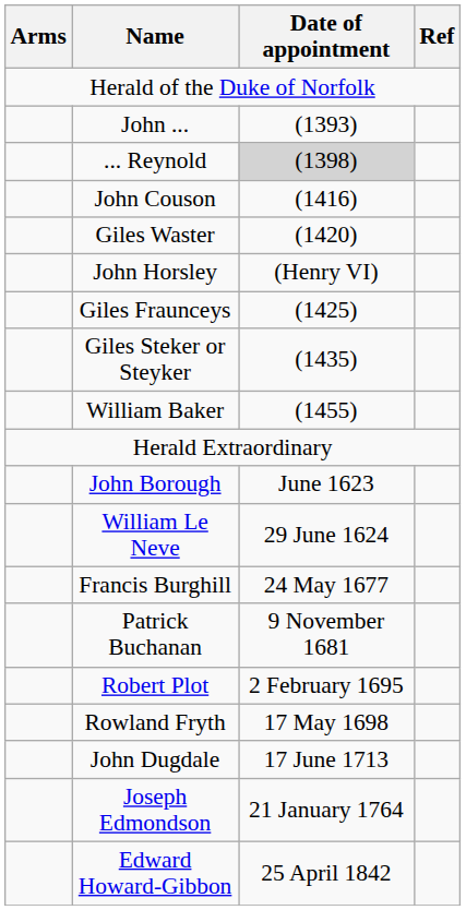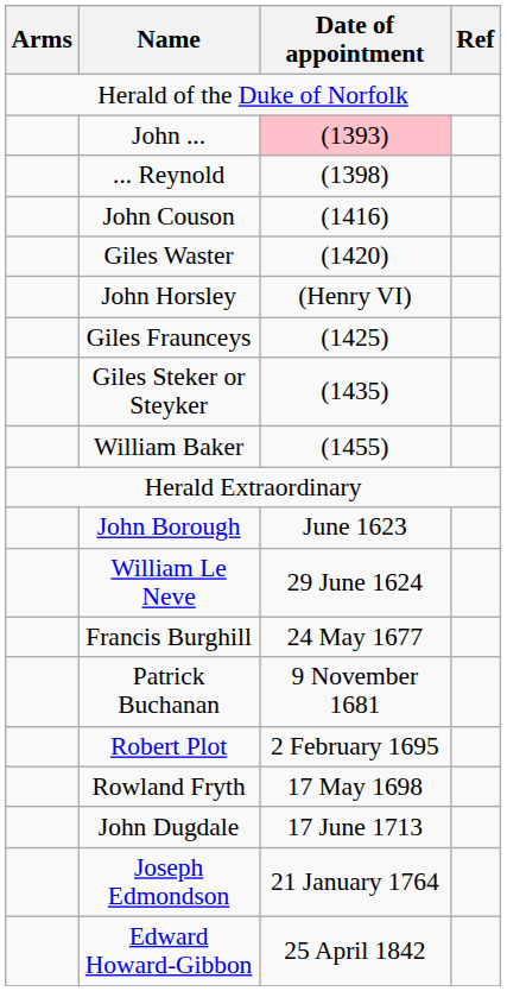 <table class="wikitable" style="text-align:center; width:50%">
 <tr>
 <th>Arms</th>
 <th style="width:50%">Name</th>
 <th style="width:50%">Date of appointment</th>
 <th style="width:5%">Ref</th>
 </tr>
 <tr>
 <td colspan="5" align="center">Herald of the <a href='#'>Duke of Norfolk</a></td>
 </tr>
 <tr>
 <td></td>
 <td>John ...</td>
-<td>(1393)</td>
+<td style="background: pink;">(1393)</td>
 <td></td>
 </tr>
 <tr>
 <td></td>
 <td>... Reynold</td>
-<td style="background: lightgrey;">(1398)</td>
+<td>(1398)</td>
 <td></td>
 </tr>
 <tr>
 <td></td>
 <td>John Couson</td>
 <td>(1416)</td>
 <td></td>
 </tr>
 <tr>
 <td></td>
 <td>Giles Waster</td>
 <td>(1420)</td>
 <td></td>
 </tr>
 <tr>
 <td></td>
 <td>John Horsley</td>
 <td>(Henry VI)</td>
 <td></td>
 </tr>
 <tr>
 <td></td>
 <td>Giles Fraunceys</td>
 <td>(1425)</td>
 <td></td>
 </tr>
 <tr>
 <td></td>
 <td>Giles Steker or Steyker</td>
 <td>(1435)</td>
 <td></td>
 </tr>
 <tr>
 <td></td>
 <td>William Baker</td>
 <td>(1455)</td>
 <td></td>
 </tr>
 <tr>
 <td colspan="5" align="center">Herald Extraordinary</td>
 </tr>
 <tr>
 <td></td>
 <td><a href='#'>John Borough</a></td>
 <td>June 1623</td>
 <td></td>
 </tr>
 <tr>
 <td></td>
 <td><a href='#'>William Le Neve</a></td>
 <td>29 June 1624</td>
 <td></td>
 </tr>
 <tr>
 <td></td>
 <td>Francis Burghill</td>
 <td>24 May 1677</td>
 <td></td>
 </tr>
 <tr>
 <td></td>
 <td>Patrick Buchanan</td>
 <td>9 November 1681</td>
 <td></td>
 </tr>
 <tr>
 <td></td>
 <td><a href='#'>Robert Plot</a></td>
 <td>2 February 1695</td>
 <td></td>
 </tr>
 <tr>
 <td></td>
 <td>Rowland Fryth</td>
 <td>17 May 1698</td>
 <td></td>
 </tr>
 <tr>
 <td></td>
 <td>John Dugdale</td>
 <td>17 June 1713</td>
 <td></td>
 </tr>
 <tr>
 <td></td>
 <td><a href='#'>Joseph Edmondson</a></td>
 <td>21 January 1764</td>
 <td></td>
 </tr>
 <tr>
 <td></td>
 <td><a href='#'>Edward Howard-Gibbon</a></td>
 <td>25 April 1842</td>
 <td></td>
 </tr>
 <tr>
 </tr>
 </table>
